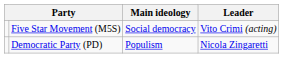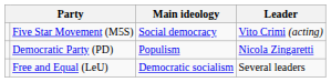 <table class="wikitable" style="font-size:95%">
 <tr>
 <th colspan=2>Party</th>
 <th>Main ideology</th>
 <th>Leader</th>
 </tr>
 <tr>
 <td style="color:inherit;background:"></td>
 <td><a href='#'>Five Star Movement</a> (M5S)</td>
 <td><a href='#'>Social democracy</a></td>
 <td><a href='#'>Vito Crimi</a> <em>(acting)</em></td>
 </tr>
 <tr>
 <td style="color:inherit;background:"></td>
 <td><a href='#'>Democratic Party</a> (PD)</td>
 <td><a href='#'>Populism</a></td>
 <td><a href='#'>Nicola Zingaretti</a></td>
 </tr>
+<tr>
+<td style="color:inherit;background:"></td>
+<td><a href='#'>Free and Equal</a> (LeU)</td>
+<td><a href='#'>Democratic socialism</a></td>
+<td>Several leaders</td>
+</tr>
 </table>
